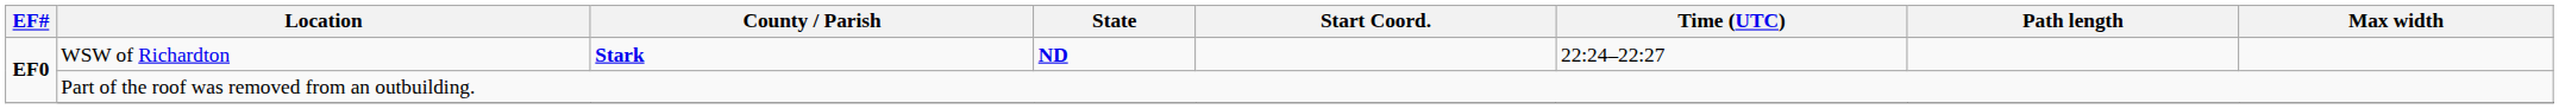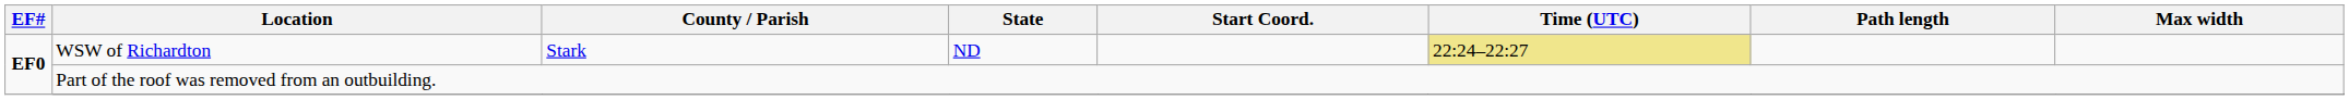 <table class="wikitable sortable" style="width:100%;">
 <tr>
 <th scope="col" width="2%" align="center"><a href='#'>EF#</a></th>
 <th scope="col" align="center" class="unsortable">Location</th>
 <th scope="col" align="center" class="unsortable">County / Parish</th>
 <th scope="col" align="center">State</th>
 <th scope="col" align="center" data-sort-type="number">Start Coord.</th>
 <th scope="col" align="center" data-sort-type="number">Time (<a href='#'>UTC</a>)</th>
 <th scope="col" align="center" data-sort-type="number">Path length</th>
 <th scope="col" align="center" data-sort-type="number">Max width</th>
 </tr>
 <tr>
 <td rowspan="2" align="center"><strong>EF0</strong></td>
 <td>WSW of <a href='#'>Richardton</a></td>
-<td><strong><a href='#'>Stark</a></strong></td>
-<td><strong><a href='#'>ND</a></strong></td>
+<td><a href='#'>Stark</a></td>
+<td><a href='#'>ND</a></td>
 <td></td>
-<td>22:24–22:27</td>
+<td style="background: khaki;">22:24–22:27</td>
 <td></td>
 <td></td>
 </tr>
 <tr class="expand-child">
 <td colspan="8" style=" border-bottom: 1px solid black;">Part of the roof was removed from an outbuilding.</td>
 </tr>
 <tr>
 </tr>
 </table>
